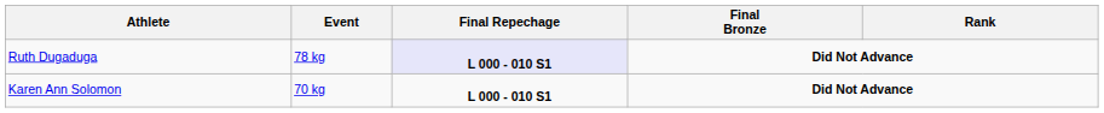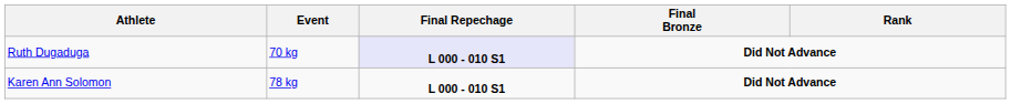 <table class="wikitable" width="98%" style="text-align:left; font-size:90%">
 <tr>
 <th width="17%">Athlete</th>
 <th width="6%">Event</th>
 <th width="14%">Final Repechage</th>
 <th width="14%">Final <br> Bronze</th>
 <th width="14%">Rank</th>
 </tr>
 <tr>
 <td><a href='#'>Ruth Dugaduga</a></td>
-<td><a href='#'>78 kg</a></td>
+<td><a href='#'>70 kg</a></td>
 <td align=center style="background: lavender;"><br> <strong>L 000 - 010 S1</strong></td>
 <td colspan=2 align=center><strong>Did Not Advance</strong></td>
 </tr>
 <tr>
 <td><a href='#'>Karen Ann Solomon</a></td>
-<td><a href='#'>70 kg</a></td>
+<td><a href='#'>78 kg</a></td>
 <td align=center><br> <strong>L 000 - 010 S1</strong></td>
 <td colspan=2 align=center><strong>Did Not Advance</strong></td>
 </tr>
 </table>
